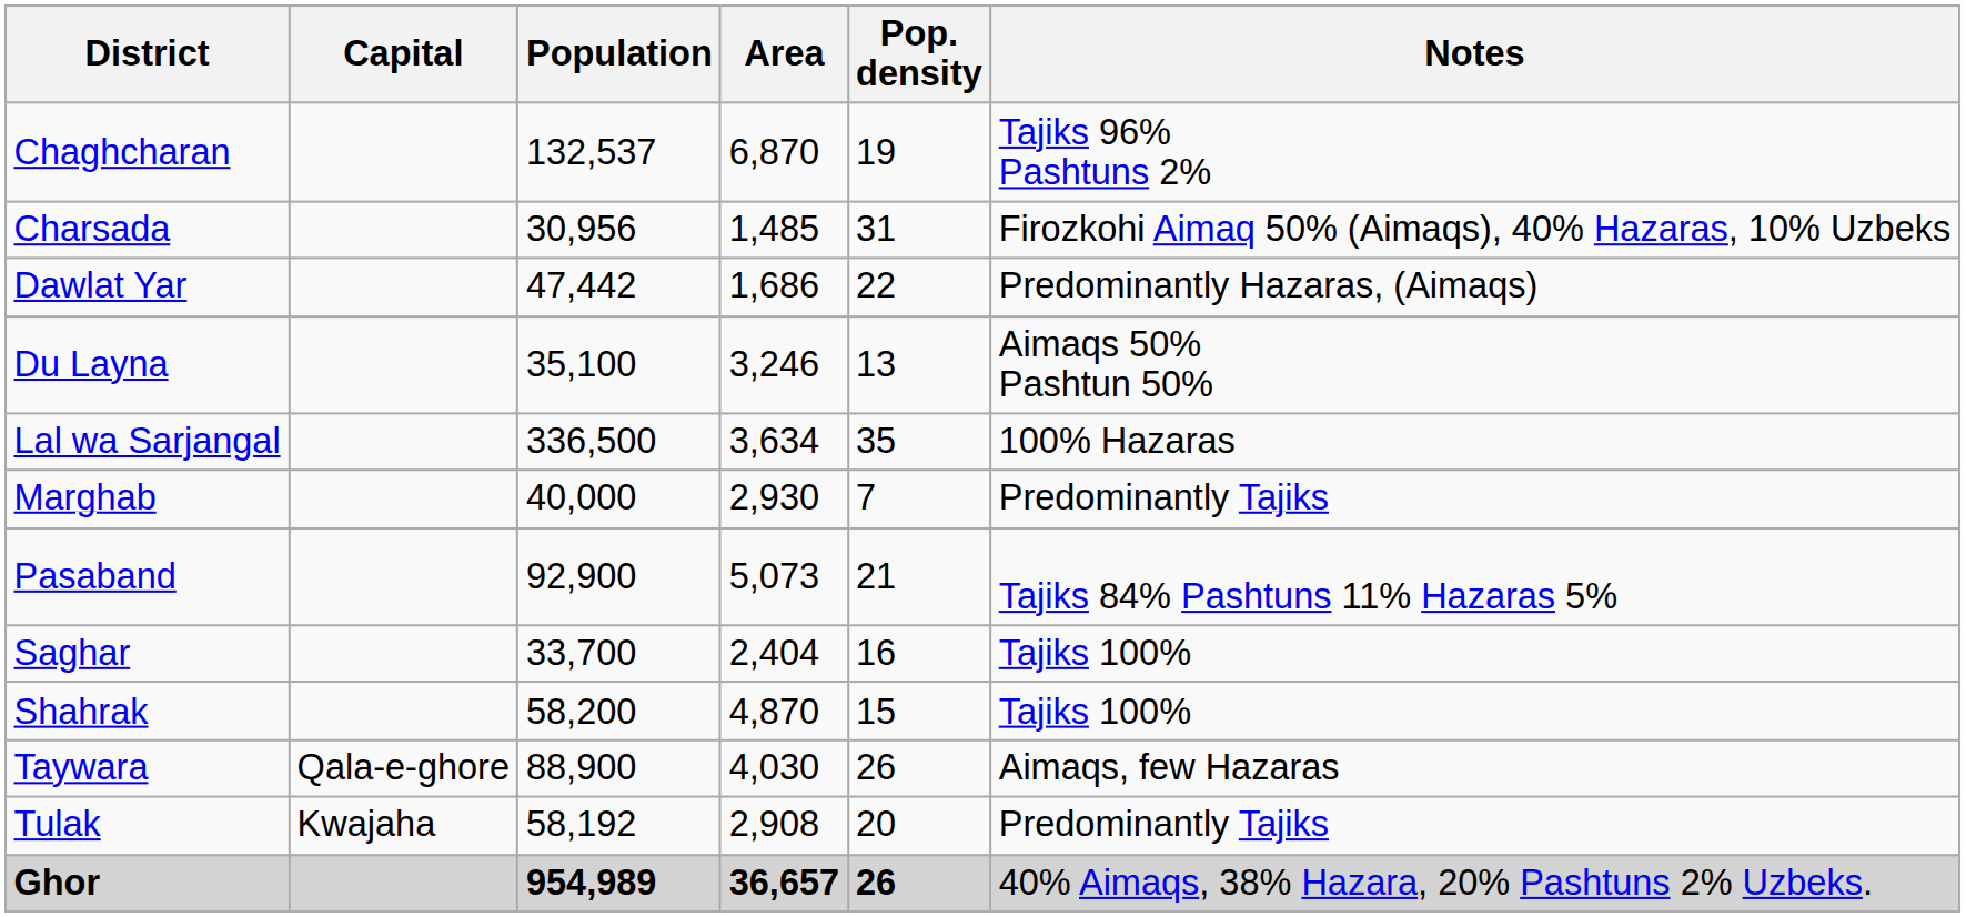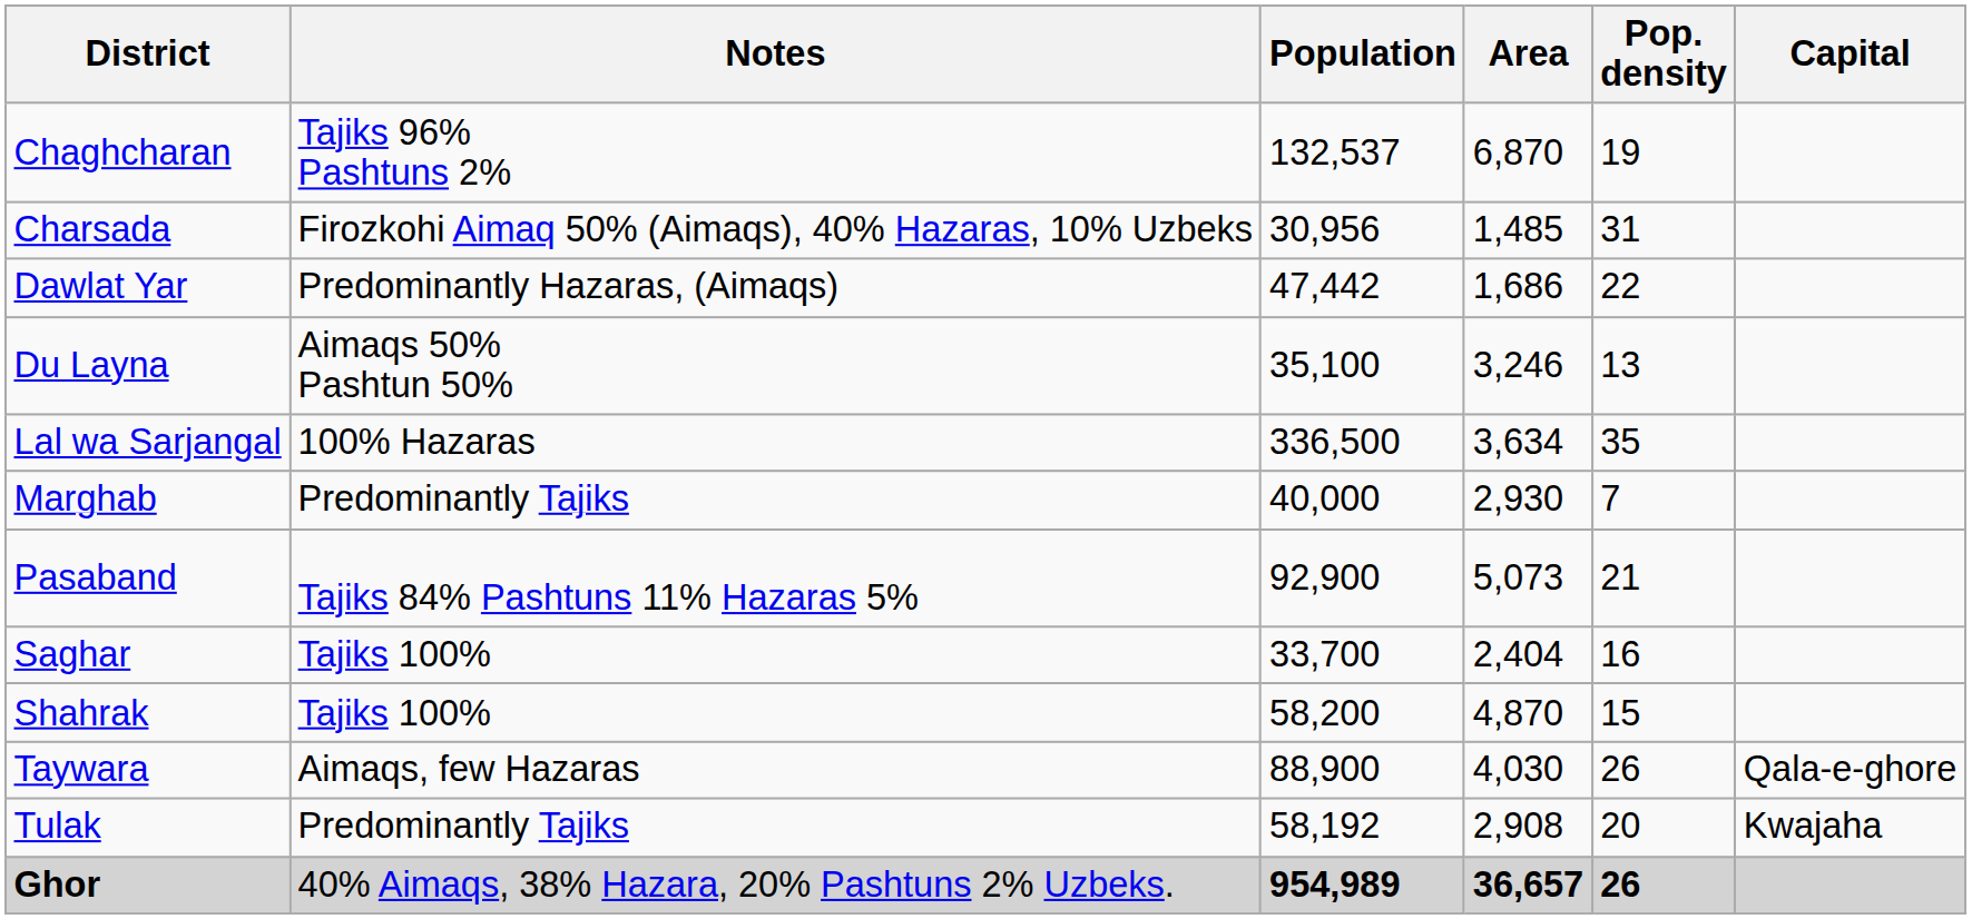 <table class="wikitable sortable">
 <tr>
 <th>District</th>
-<th>Capital</th>
+<th>Notes</th>
 <th>Population</th>
 <th>Area</th>
 <th>Pop.<br>density</th>
-<th>Notes</th>
+<th>Capital</th>
 </tr>
 <tr>
 <td><a href='#'>Chaghcharan</a></td>
-<td></td>
+<td><a href='#'>Tajiks</a> 96%<br><a href='#'>Pashtuns</a> 2%</td>
 <td>132,537</td>
 <td>6,870</td>
 <td>19</td>
-<td><a href='#'>Tajiks</a> 96%<br><a href='#'>Pashtuns</a> 2%</td>
+<td></td>
 </tr>
 <tr>
 <td><a href='#'>Charsada</a></td>
-<td></td>
+<td>Firozkohi <a href='#'>Aimaq</a> 50%  (Aimaqs), 40% <a href='#'>Hazaras</a>, 10% Uzbeks</td>
 <td>30,956</td>
 <td>1,485</td>
 <td>31</td>
-<td>Firozkohi <a href='#'>Aimaq</a> 50%  (Aimaqs), 40% <a href='#'>Hazaras</a>, 10% Uzbeks</td>
+<td></td>
 </tr>
 <tr>
 <td><a href='#'>Dawlat Yar</a></td>
-<td></td>
+<td>Predominantly Hazaras, (Aimaqs)</td>
 <td>47,442</td>
 <td>1,686</td>
 <td>22</td>
-<td>Predominantly Hazaras, (Aimaqs)</td>
+<td></td>
 </tr>
 <tr>
 <td><a href='#'>Du Layna</a></td>
-<td></td>
+<td>Aimaqs 50%<br>Pashtun 50%</td>
 <td>35,100</td>
 <td>3,246</td>
 <td>13</td>
-<td>Aimaqs 50%<br>Pashtun 50%</td>
+<td></td>
 </tr>
 <tr>
 <td><a href='#'>Lal wa Sarjangal</a></td>
-<td></td>
+<td>100% Hazaras</td>
 <td>336,500</td>
 <td>3,634</td>
 <td>35</td>
-<td>100% Hazaras</td>
+<td></td>
 </tr>
 <tr>
 <td><a href='#'>Marghab</a></td>
-<td></td>
+<td>Predominantly <a href='#'>Tajiks</a></td>
 <td>40,000</td>
 <td>2,930</td>
 <td>7</td>
-<td>Predominantly <a href='#'>Tajiks</a></td>
+<td></td>
 </tr>
 <tr>
 <td><a href='#'>Pasaband</a></td>
-<td></td>
+<td><br><a href='#'>Tajiks</a> 84%  <a href='#'>Pashtuns</a> 11%   <a href='#'>Hazaras</a> 5%</td>
 <td>92,900</td>
 <td>5,073</td>
 <td>21</td>
-<td><br><a href='#'>Tajiks</a> 84%  <a href='#'>Pashtuns</a> 11%   <a href='#'>Hazaras</a> 5%</td>
+<td></td>
 </tr>
 <tr>
 <td><a href='#'>Saghar</a></td>
-<td></td>
+<td><a href='#'>Tajiks</a> 100%</td>
 <td>33,700</td>
 <td>2,404</td>
 <td>16</td>
-<td><a href='#'>Tajiks</a> 100%</td>
+<td></td>
 </tr>
 <tr>
 <td><a href='#'>Shahrak</a></td>
-<td></td>
+<td><a href='#'>Tajiks</a> 100%</td>
 <td>58,200</td>
 <td>4,870</td>
 <td>15</td>
-<td><a href='#'>Tajiks</a> 100%</td>
+<td></td>
 </tr>
 <tr>
 <td><a href='#'>Taywara</a></td>
-<td>Qala-e-ghore</td>
+<td>Aimaqs, few Hazaras</td>
 <td>88,900</td>
 <td>4,030</td>
 <td>26</td>
-<td>Aimaqs, few Hazaras</td>
+<td>Qala-e-ghore</td>
 </tr>
 <tr>
 <td><a href='#'>Tulak</a></td>
-<td>Kwajaha</td>
+<td>Predominantly <a href='#'>Tajiks</a></td>
 <td>58,192</td>
 <td>2,908</td>
 <td>20</td>
-<td>Predominantly <a href='#'>Tajiks</a></td>
+<td>Kwajaha</td>
 </tr>
 <tr bgcolor="#d3d3d3">
 <td><strong>Ghor</strong></td>
-<td></td>
+<td>40% <a href='#'>Aimaqs</a>, 38% <a href='#'>Hazara</a>, 20% <a href='#'>Pashtuns</a>      ‌‌2% <a href='#'>Uzbeks</a>.</td>
 <td><strong>954,989</strong></td>
 <td><strong>36,657</strong></td>
 <td><strong>26</strong></td>
-<td>40% <a href='#'>Aimaqs</a>, 38% <a href='#'>Hazara</a>, 20% <a href='#'>Pashtuns</a>      ‌‌2% <a href='#'>Uzbeks</a>.</td>
+<td></td>
 </tr>
 </table>
